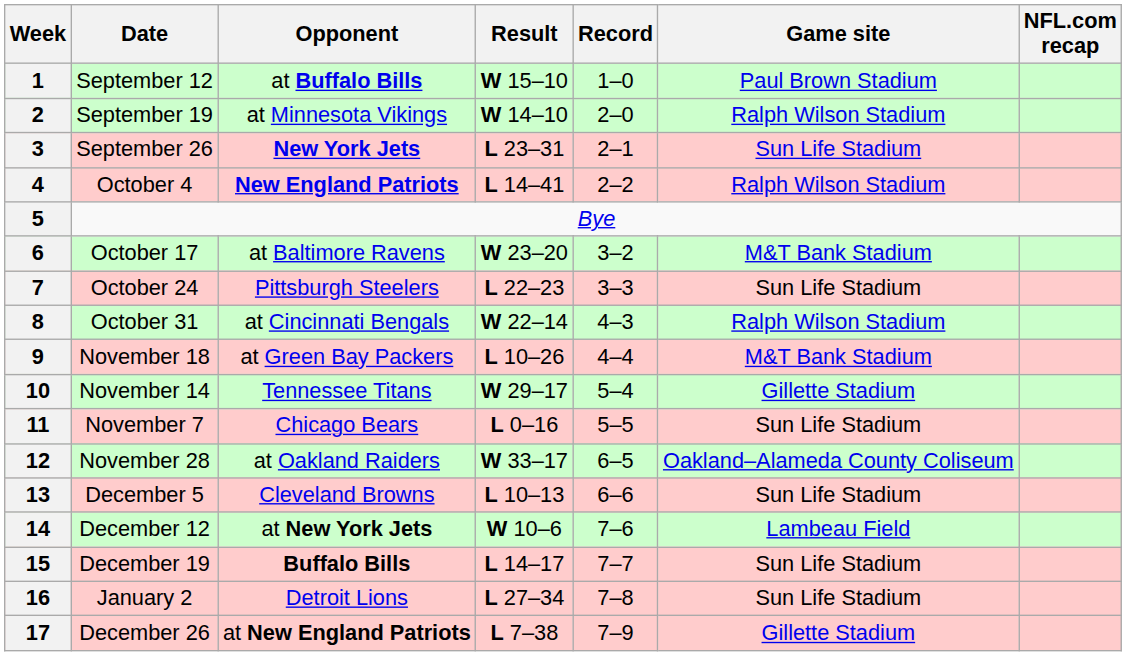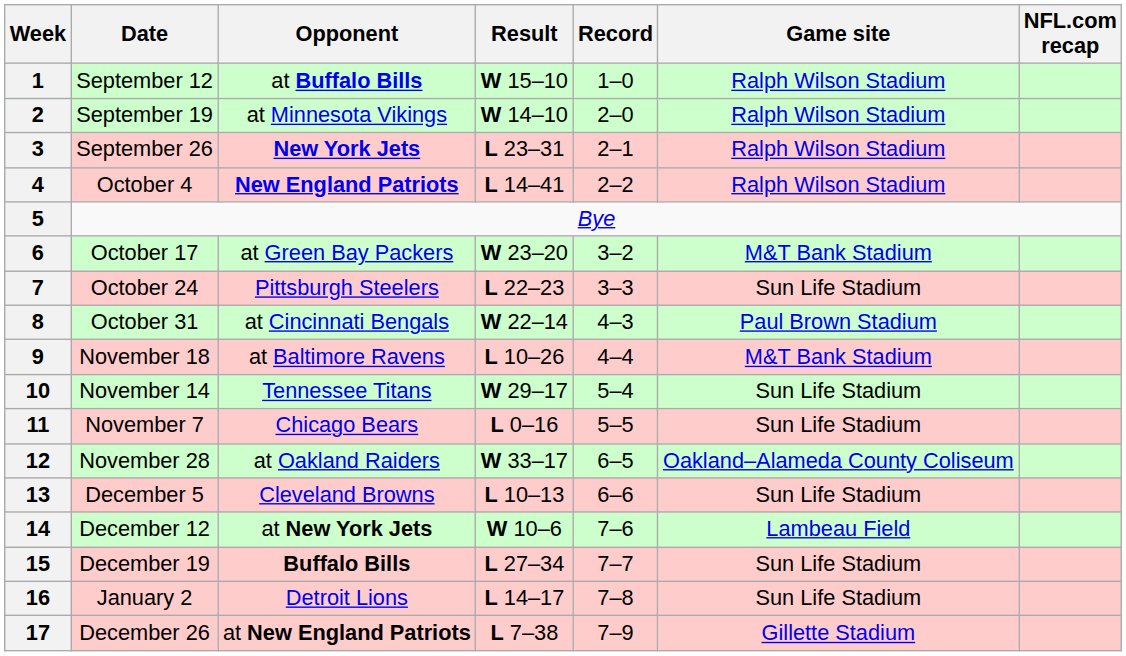 <table class="wikitable" style="text-align:center">
 <tr>
 <th>Week</th>
 <th>Date</th>
 <th>Opponent</th>
 <th>Result</th>
 <th>Record</th>
 <th>Game site</th>
 <th>NFL.com<br>recap</th>
 </tr>
 <tr style="background:#cfc;">
 <th>1</th>
 <td style="text-align:center;">September 12</td>
 <td style="text-align:center;">at <strong><a href='#'>Buffalo Bills</a></strong></td>
 <td style="text-align:center;"><strong>W</strong> 15–10</td>
 <td style="text-align:center;">1–0</td>
-<td style="text-align:center;"><a href='#'>Paul Brown Stadium</a></td>
+<td style="text-align:center;"><a href='#'>Ralph Wilson Stadium</a></td>
 <td style="text-align:center;"></td>
 </tr>
 <tr style="background:#cfc;">
 <th>2</th>
 <td style="text-align:center;">September 19</td>
 <td style="text-align:center;">at <a href='#'>Minnesota Vikings</a></td>
 <td style="text-align:center;"><strong>W</strong> 14–10</td>
 <td style="text-align:center;">2–0</td>
 <td style="text-align:center;"><a href='#'>Ralph Wilson Stadium</a></td>
 <td style="text-align:center;"></td>
 </tr>
 <tr style="background:#fcc;">
 <th>3</th>
 <td style="text-align:center;">September 26</td>
 <td style="text-align:center;"><strong><a href='#'>New York Jets</a></strong></td>
 <td style="text-align:center;"><strong>L</strong> 23–31</td>
 <td style="text-align:center;">2–1</td>
-<td style="text-align:center;"><a href='#'>Sun Life Stadium</a></td>
+<td style="text-align:center;"><a href='#'>Ralph Wilson Stadium</a></td>
 <td style="text-align:center;"></td>
 </tr>
 <tr style="background:#fcc;">
 <th>4</th>
 <td style="text-align:center;">October 4</td>
 <td style="text-align:center;"><strong><a href='#'>New England Patriots</a></strong></td>
 <td style="text-align:center;"><strong>L</strong> 14–41</td>
 <td style="text-align:center;">2–2</td>
 <td style="text-align:center;"><a href='#'>Ralph Wilson Stadium</a></td>
 <td style="text-align:center;"></td>
 </tr>
 <tr>
 <th>5</th>
 <td colspan="6" style="text-align:center;"><em><a href='#'>Bye</a></em></td>
 </tr>
 <tr style="background:#cfc;">
 <th>6</th>
 <td style="text-align:center;">October 17</td>
-<td style="text-align:center;">at <a href='#'>Baltimore Ravens</a></td>
+<td style="text-align:center;">at <a href='#'>Green Bay Packers</a></td>
 <td style="text-align:center;"><strong>W</strong> 23–20 </td>
 <td style="text-align:center;">3–2</td>
 <td style="text-align:center;"><a href='#'>M&T Bank Stadium</a></td>
 <td style="text-align:center;"></td>
 </tr>
 <tr style="background:#fcc;">
 <th>7</th>
 <td style="text-align:center;">October 24</td>
 <td style="text-align:center;"><a href='#'>Pittsburgh Steelers</a></td>
 <td style="text-align:center;"><strong>L</strong> 22–23</td>
 <td style="text-align:center;">3–3</td>
 <td style="text-align:center;">Sun Life Stadium</td>
 <td style="text-align:center;"></td>
 </tr>
 <tr style="background:#cfc;">
 <th>8</th>
 <td style="text-align:center;">October 31</td>
 <td style="text-align:center;">at <a href='#'>Cincinnati Bengals</a></td>
 <td style="text-align:center;"><strong>W</strong> 22–14</td>
 <td style="text-align:center;">4–3</td>
-<td style="text-align:center;"><a href='#'>Ralph Wilson Stadium</a></td>
+<td style="text-align:center;"><a href='#'>Paul Brown Stadium</a></td>
 <td style="text-align:center;"></td>
 </tr>
 <tr style="background:#fcc;">
 <th>9</th>
 <td style="text-align:center;">November 18</td>
-<td style="text-align:center;">at <a href='#'>Green Bay Packers</a></td>
+<td style="text-align:center;">at <a href='#'>Baltimore Ravens</a></td>
 <td style="text-align:center;"><strong>L</strong> 10–26</td>
 <td style="text-align:center;">4–4</td>
 <td style="text-align:center;"><a href='#'>M&T Bank Stadium</a></td>
 <td style="text-align:center;"></td>
 </tr>
 <tr style="background:#cfc;">
 <th>10</th>
 <td style="text-align:center;">November 14</td>
 <td style="text-align:center;"><a href='#'>Tennessee Titans</a></td>
 <td style="text-align:center;"><strong>W</strong> 29–17</td>
 <td style="text-align:center;">5–4</td>
-<td><a href='#'>Gillette Stadium</a></td>
+<td style="text-align:center;">Sun Life Stadium</td>
 <td style="text-align:center;"></td>
 </tr>
 <tr style="background:#fcc;">
 <th>11</th>
 <td style="text-align:center;">November 7</td>
 <td style="text-align:center;"><a href='#'>Chicago Bears</a></td>
 <td style="text-align:center;"><strong>L</strong> 0–16</td>
 <td style="text-align:center;">5–5</td>
 <td style="text-align:center;">Sun Life Stadium</td>
 <td style="text-align:center;"></td>
 </tr>
 <tr style="background:#cfc;">
 <th>12</th>
 <td style="text-align:center;">November 28</td>
 <td style="text-align:center;">at <a href='#'>Oakland Raiders</a></td>
 <td style="text-align:center;"><strong>W</strong> 33–17</td>
 <td style="text-align:center;">6–5</td>
 <td style="text-align:center;"><a href='#'>Oakland–Alameda County Coliseum</a></td>
 <td style="text-align:center;"></td>
 </tr>
 <tr style="background:#fcc;">
 <th>13</th>
 <td style="text-align:center;">December 5</td>
 <td style="text-align:center;"><a href='#'>Cleveland Browns</a></td>
 <td style="text-align:center;"><strong> L</strong> 10–13</td>
 <td style="text-align:center;">6–6</td>
 <td style="text-align:center;">Sun Life Stadium</td>
 <td style="text-align:center;"></td>
 </tr>
 <tr style="background:#cfc;">
 <th>14</th>
 <td style="text-align:center;">December 12</td>
 <td style="text-align:center;">at <strong>New York Jets</strong></td>
 <td style="text-align:center;"><strong>W</strong> 10–6</td>
 <td style="text-align:center;">7–6</td>
 <td style="text-align:center;"><a href='#'>Lambeau Field</a></td>
 <td style="text-align:center;"></td>
 </tr>
 <tr style="background:#fcc;">
 <th>15</th>
 <td style="text-align:center;">December 19</td>
 <td style="text-align:center;"><strong>Buffalo Bills</strong></td>
-<td style="text-align:center;"><strong>L</strong> 14–17</td>
+<td style="text-align:center;"><strong>L</strong> 27–34</td>
 <td style="text-align:center;">7–7</td>
 <td style="text-align:center;">Sun Life Stadium</td>
 <td style="text-align:center;"></td>
 </tr>
 <tr style="background:#fcc;">
 <th>16</th>
 <td>January 2</td>
 <td style="text-align:center;"><a href='#'>Detroit Lions</a></td>
-<td style="text-align:center;"><strong>L</strong> 27–34</td>
+<td style="text-align:center;"><strong>L</strong> 14–17</td>
 <td style="text-align:center;">7–8</td>
 <td style="text-align:center;">Sun Life Stadium</td>
 <td style="text-align:center;"></td>
 </tr>
 <tr style="background:#fcc;">
 <th>17</th>
 <td style="text-align:center;">December 26</td>
 <td>at <strong>New England Patriots</strong></td>
 <td><strong>L</strong> 7–38</td>
 <td>7–9</td>
 <td><a href='#'>Gillette Stadium</a></td>
 <td></td>
 </tr>
 </table>
